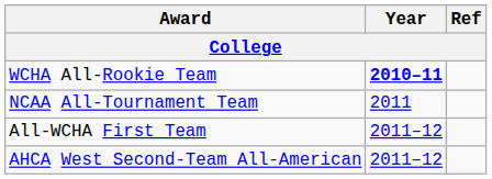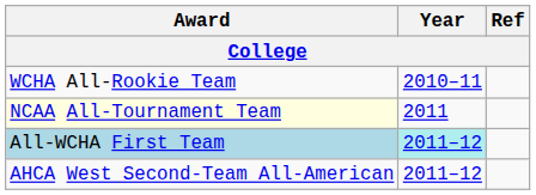 <table class="wikitable">
 <tr>
 <th>Award</th>
 <th>Year</th>
 <th>Ref</th>
 </tr>
 <tr>
 <th colspan="3"><a href='#'>College</a></th>
 </tr>
 <tr>
 <td><a href='#'>WCHA</a> All-<a href='#'>Rookie Team</a></td>
-<td><strong><a href='#'>2010–11</a></strong></td>
+<td><a href='#'>2010–11</a></td>
 <td></td>
 </tr>
 <tr>
-<td><a href='#'>NCAA</a> <a href='#'>All-Tournament Team</a></td>
+<td style="background: lightyellow;"><a href='#'>NCAA</a> <a href='#'>All-Tournament Team</a></td>
 <td><a href='#'>2011</a></td>
 <td></td>
 </tr>
 <tr>
-<td>All-WCHA <a href='#'>First Team</a></td>
-<td><a href='#'>2011–12</a></td>
+<td style="background: lightblue;">All-WCHA <a href='#'>First Team</a></td>
+<td style="background: paleturquoise;"><a href='#'>2011–12</a></td>
 <td></td>
 </tr>
 <tr>
 <td><a href='#'>AHCA</a> <a href='#'>West Second-Team All-American</a></td>
 <td><a href='#'>2011–12</a></td>
 <td></td>
 </tr>
 </table>
